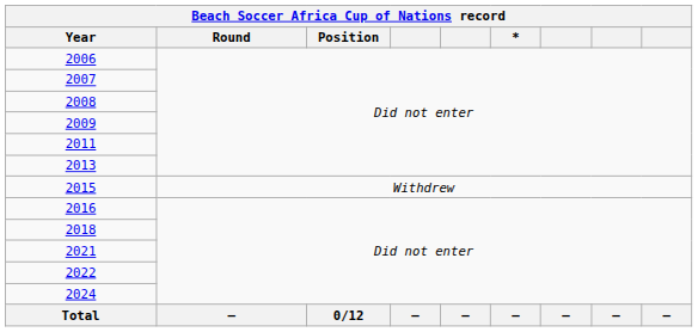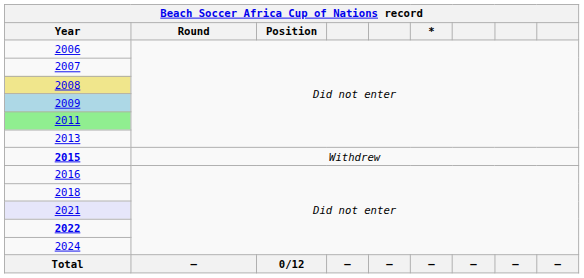 <table class="wikitable" width="50%" style="font-size:90%; text-align:center;">
 <tr>
 <th colspan="9"><a href='#'>Beach Soccer Africa Cup of Nations</a> record</th>
 </tr>
 <tr>
 <th width="15%">Year</th>
 <th width="15%">Round</th>
 <th width="5%">Position</th>
 <th width="5%"></th>
 <th width="5%"></th>
 <th width="5%">*</th>
 <th width="5%"></th>
 <th width="5%"></th>
 <th width="5%"></th>
 </tr>
 <tr>
 <td> <a href='#'>2006</a></td>
 <td colspan="8" rowspan="6"><em>Did not enter</em></td>
 </tr>
 <tr bgcolor="">
 <td> <a href='#'>2007</a></td>
 </tr>
 <tr>
-<td> <a href='#'>2008</a></td>
+<td style="background: khaki;"> <a href='#'>2008</a></td>
 </tr>
 <tr>
-<td> <a href='#'>2009</a></td>
+<td style="background: lightblue;"> <a href='#'>2009</a></td>
 </tr>
 <tr>
-<td> <a href='#'>2011</a></td>
+<td style="background: lightgreen;"> <a href='#'>2011</a></td>
 </tr>
 <tr>
 <td> <a href='#'>2013</a></td>
 </tr>
 <tr>
-<td> <a href='#'>2015</a></td>
+<td><strong> <a href='#'>2015</a></strong></td>
 <td colspan="8"><em>Withdrew</em></td>
 </tr>
 <tr>
 <td> <a href='#'>2016</a></td>
 <td colspan="8" rowspan="5"><em>Did not enter</em></td>
 </tr>
 <tr>
 <td> <a href='#'>2018</a></td>
 </tr>
 <tr>
-<td> <a href='#'>2021</a></td>
+<td style="background: lavender;"> <a href='#'>2021</a></td>
 </tr>
 <tr>
-<td> <a href='#'>2022</a></td>
+<td><strong> <a href='#'>2022</a></strong></td>
 </tr>
 <tr>
 <td> <a href='#'>2024</a></td>
 </tr>
 <tr>
 <th>Total</th>
 <th>–</th>
 <th>0/12</th>
 <th>–</th>
 <th>–</th>
 <th>–</th>
 <th>–</th>
 <th>–</th>
 <th>–</th>
 </tr>
 </table>
